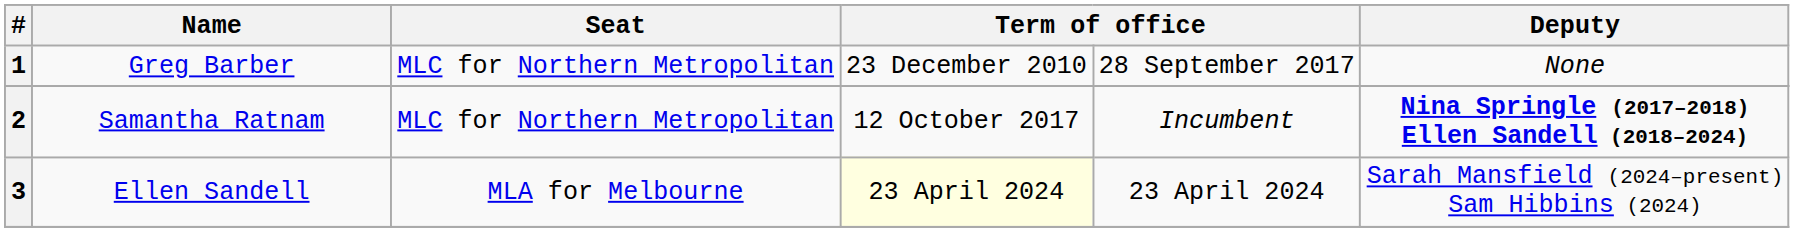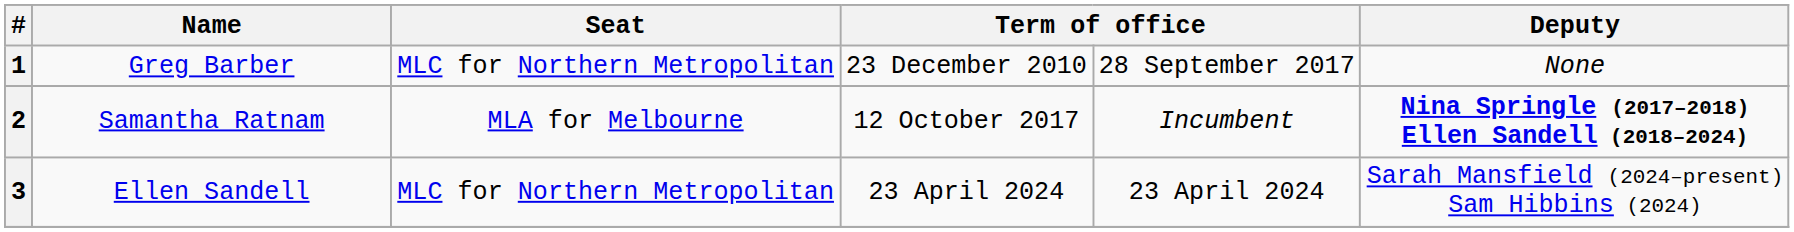 <table class="wikitable" style="text-align:center">
 <tr ->
 <th>#</th>
 <th width=180>Name</th>
 <th>Seat</th>
 <th colspan=2>Term of office</th>
 <th>Deputy</th>
 </tr>
 <tr ->
 <th align=center style="background: ">1</th>
 <td><a href='#'>Greg Barber</a></td>
 <td><a href='#'>MLC</a> for <a href='#'>Northern Metropolitan</a></td>
 <td>23 December 2010</td>
 <td>28 September 2017</td>
 <td><em>None</em></td>
 </tr>
 <tr ->
 </tr>
 <tr>
 <th align=center style="background: ">2</th>
 <td><a href='#'>Samantha Ratnam</a></td>
-<td><a href='#'>MLC</a> for <a href='#'>Northern Metropolitan</a></td>
+<td><a href='#'>MLA</a> for <a href='#'>Melbourne</a></td>
 <td>12 October 2017</td>
 <td><em>Incumbent</em></td>
 <td><strong><a href='#'>Nina Springle</a> <small>(2017–2018)</small> <br> <a href='#'>Ellen Sandell</a><small> (2018–2024)</small></strong></td>
 </tr>
 <tr>
 <th align=center style="background: ">3</th>
 <td><a href='#'>Ellen Sandell</a></td>
-<td><a href='#'>MLA</a> for <a href='#'>Melbourne</a></td>
-<td style="background: lightyellow;">23 April 2024</td>
+<td><a href='#'>MLC</a> for <a href='#'>Northern Metropolitan</a></td>
+<td>23 April 2024</td>
 <td>23 April 2024</td>
 <td><a href='#'>Sarah Mansfield</a> <small>(2024–present)</small> <br> <a href='#'>Sam Hibbins</a><small> (2024)</small></td>
 </tr>
 <tr ->
 </tr>
 </table>
